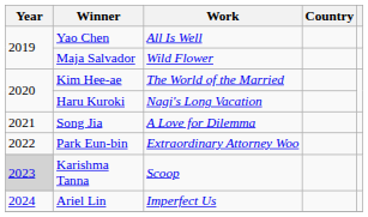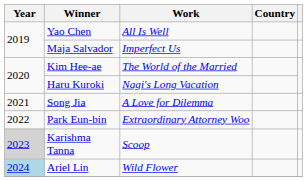 <table class="wikitable" | align=center>
 <tr>
 <th style="width:50px">Year</th>
 <th style="width:100px">Winner</th>
 <th>Work</th>
 <th>Country</th>
 <th></th>
 </tr>
 <tr>
 <td rowspan="2">2019</td>
 <td><a href='#'>Yao Chen</a></td>
 <td><em><a href='#'>All Is Well</a></em></td>
 <td></td>
 <td rowspan="1" style="text-align: center;"></td>
 </tr>
 <tr>
 <td><a href='#'>Maja Salvador</a></td>
-<td><em><a href='#'>Wild Flower</a></em></td>
+<td><em><a href='#'>Imperfect Us</a></em></td>
 <td></td>
 <td rowspan="1" style="text-align: center;"></td>
 </tr>
 <tr>
 <td rowspan="2">2020</td>
 <td><a href='#'>Kim Hee-ae</a></td>
 <td><em><a href='#'>The World of the Married</a></em></td>
 <td></td>
 <td rowspan="2" style="text-align: center;"></td>
 </tr>
 <tr>
 <td><a href='#'>Haru Kuroki</a></td>
 <td><em><a href='#'>Nagi's Long Vacation</a></em></td>
 <td></td>
 </tr>
 <tr>
 <td rowspan="1">2021</td>
 <td><a href='#'>Song Jia</a></td>
 <td><em><a href='#'>A Love for Dilemma</a></em></td>
 <td></td>
 <td rowspan="1" style="text-align: center;"></td>
 </tr>
 <tr>
 <td rowspan="1">2022</td>
 <td><a href='#'>Park Eun-bin</a></td>
 <td><em><a href='#'>Extraordinary Attorney Woo</a></em></td>
 <td></td>
 <td rowspan="1" style="text-align: center;"></td>
 </tr>
 <tr>
 <td style="background: lightgrey;"><a href='#'>2023</a></td>
 <td><a href='#'>Karishma Tanna</a></td>
 <td><em><a href='#'>Scoop</a></em></td>
 <td></td>
 <td rowspan="1" style="text-align: center;"></td>
 </tr>
 <tr>
-<td><a href='#'>2024</a></td>
+<td style="background: lightblue;"><a href='#'>2024</a></td>
 <td><a href='#'>Ariel Lin</a></td>
-<td><em><a href='#'>Imperfect Us</a></em></td>
+<td><em><a href='#'>Wild Flower</a></em></td>
 <td></td>
 <td style="text-align: center;"></td>
 </tr>
 <tr>
 </tr>
 </table>
